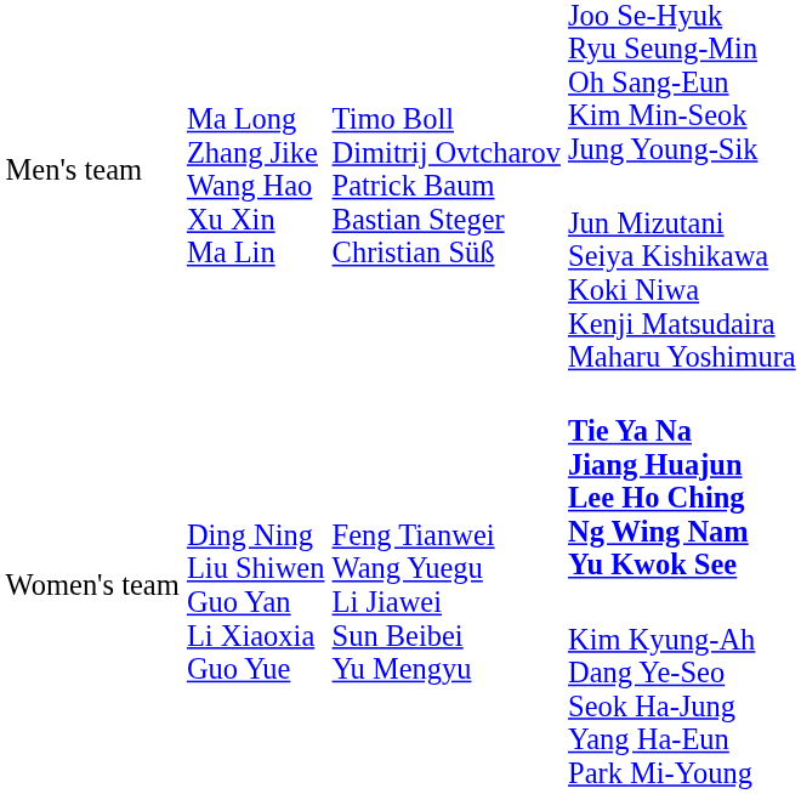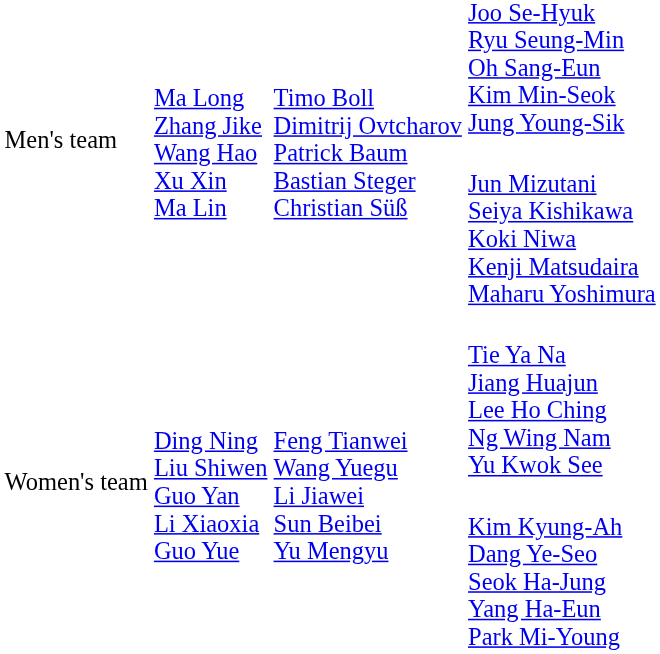 <table>
 <tr>
 <td rowspan=2>Men's team <br></td>
 <td rowspan=2><br><a href='#'>Ma Long</a><br><a href='#'>Zhang Jike</a><br><a href='#'>Wang Hao</a><br><a href='#'>Xu Xin</a><br><a href='#'>Ma Lin</a></td>
 <td rowspan=2><br><a href='#'>Timo Boll</a><br><a href='#'>Dimitrij Ovtcharov</a><br><a href='#'>Patrick Baum</a><br><a href='#'>Bastian Steger</a><br><a href='#'>Christian Süß</a></td>
 <td><br><a href='#'>Joo Se-Hyuk</a><br><a href='#'>Ryu Seung-Min</a><br><a href='#'>Oh Sang-Eun</a><br><a href='#'>Kim Min-Seok</a><br><a href='#'>Jung Young-Sik</a></td>
 </tr>
 <tr>
 <td><br><a href='#'>Jun Mizutani</a><br><a href='#'>Seiya Kishikawa</a><br><a href='#'>Koki Niwa</a><br><a href='#'>Kenji Matsudaira</a><br><a href='#'>Maharu Yoshimura</a></td>
 </tr>
 <tr>
 <td rowspan=2>Women's team <br></td>
 <td rowspan=2><br><a href='#'>Ding Ning</a><br><a href='#'>Liu Shiwen</a><br><a href='#'>Guo Yan</a><br><a href='#'>Li Xiaoxia</a><br><a href='#'>Guo Yue</a></td>
 <td rowspan=2><br><a href='#'>Feng Tianwei</a><br><a href='#'>Wang Yuegu</a><br><a href='#'>Li Jiawei</a><br><a href='#'>Sun Beibei</a><br><a href='#'>Yu Mengyu</a></td>
-<td><strong><br><a href='#'>Tie Ya Na</a><br><a href='#'>Jiang Huajun</a><br><a href='#'>Lee Ho Ching</a><br><a href='#'>Ng Wing Nam</a><br><a href='#'>Yu Kwok See</a></strong></td>
+<td><br><a href='#'>Tie Ya Na</a><br><a href='#'>Jiang Huajun</a><br><a href='#'>Lee Ho Ching</a><br><a href='#'>Ng Wing Nam</a><br><a href='#'>Yu Kwok See</a></td>
 </tr>
 <tr>
 <td><br><a href='#'>Kim Kyung-Ah</a><br><a href='#'>Dang Ye-Seo</a><br><a href='#'>Seok Ha-Jung</a><br><a href='#'>Yang Ha-Eun</a><br><a href='#'>Park Mi-Young</a></td>
 </tr>
 </table>
